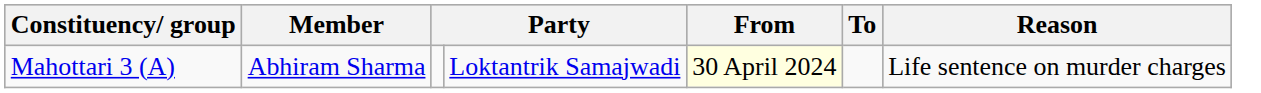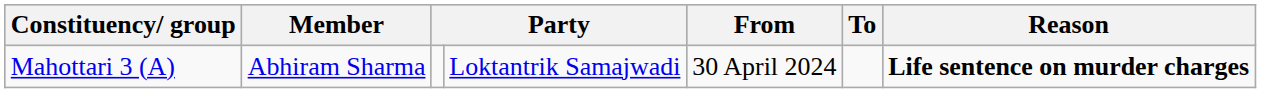 <table class="wikitable">
 <tr>
 <th>Constituency/ group</th>
 <th>Member</th>
 <th colspan="2">Party</th>
 <th>From</th>
 <th>To</th>
 <th>Reason</th>
 </tr>
 <tr>
 <td><a href='#'>Mahottari 3 (A)</a></td>
 <td><a href='#'>Abhiram Sharma</a></td>
 <td></td>
 <td><a href='#'>Loktantrik Samajwadi</a></td>
-<td style="background: lightyellow;">30 April 2024</td>
+<td>30 April 2024</td>
 <td></td>
-<td>Life sentence on murder charges</td>
+<td><strong>Life sentence on murder charges</strong></td>
 </tr>
 </table>
